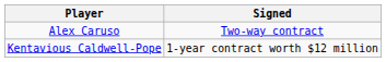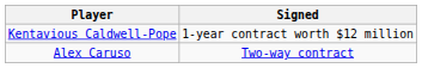 <table class="wikitable sortable sortable">
 <tr>
 <th>Player</th>
 <th>Signed</th>
 </tr>
 <tr style="text-align: center">
+<td><a href='#'>Kentavious Caldwell-Pope</a></td>
+<td>1-year contract worth $12 million</td>
+</tr>
+<tr style="text-align: center">
 <td><a href='#'>Alex Caruso</a></td>
 <td><a href='#'>Two-way contract</a></td>
 </tr>
-<tr style="text-align: center">
-<td><a href='#'>Kentavious Caldwell-Pope</a></td>
-<td>1-year contract worth $12 million</td>
-</tr>
 </table>
